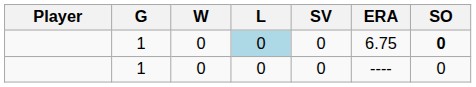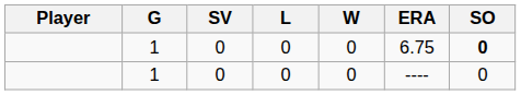 <table class="wikitable sortable">
 <tr>
 <th bgcolor="#DDDDFF" width="16%">Player</th>
 <th bgcolor="#DDDDFF" width="9%">G</th>
+<th bgcolor="#DDDDFF" width="9%">SV</th>
+<th bgcolor="#DDDDFF" width="9%">L</th>
 <th bgcolor="#DDDDFF" width="9%">W</th>
-<th bgcolor="#DDDDFF" width="9%">L</th>
-<th bgcolor="#DDDDFF" width="9%">SV</th>
 <th bgcolor="#DDDDFF" width="9%">ERA</th>
 <th bgcolor="#DDDDFF" width="9%">SO</th>
 </tr>
 <tr align="center">
 <td></td>
 <td>1</td>
 <td>0</td>
-<td style="background: lightblue;">0</td>
+<td>0</td>
 <td>0</td>
 <td>6.75</td>
 <td><strong>0</strong></td>
 </tr>
 <tr align="center">
 <td></td>
 <td>1</td>
 <td>0</td>
 <td>0</td>
 <td>0</td>
 <td>----</td>
 <td>0</td>
 </tr>
 </table>
